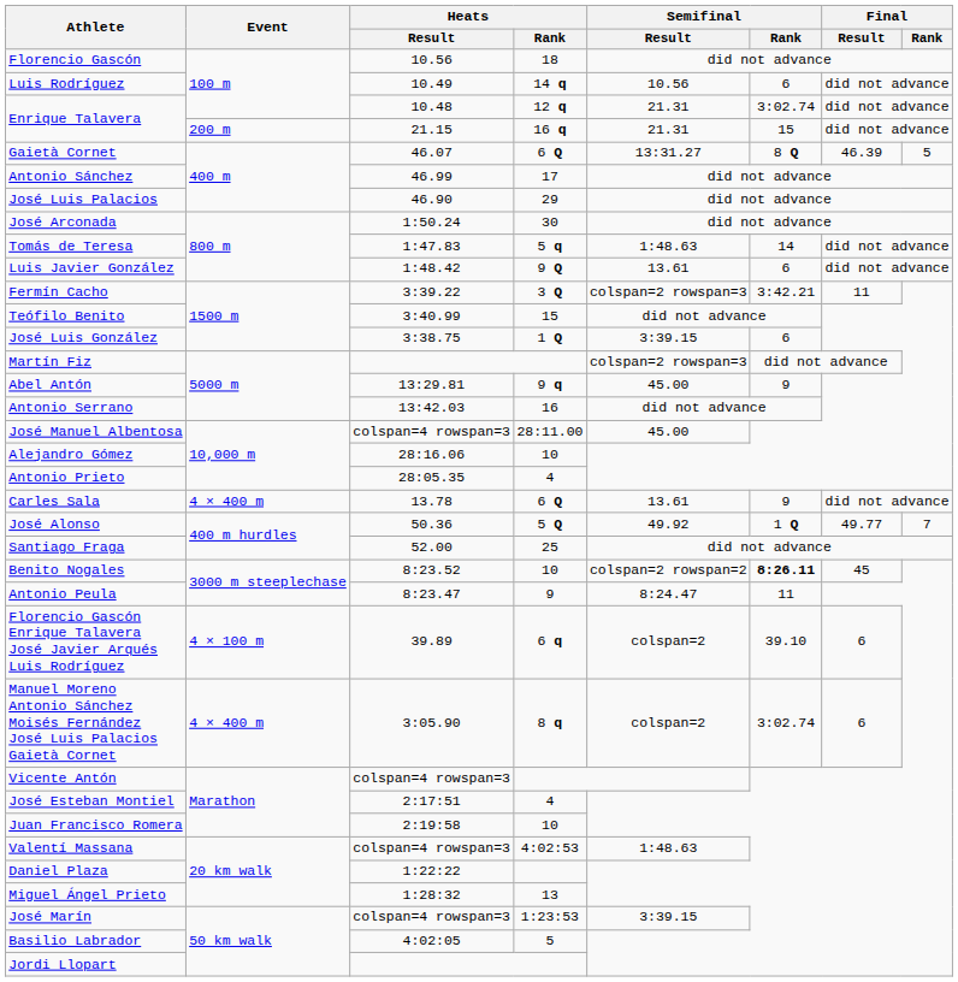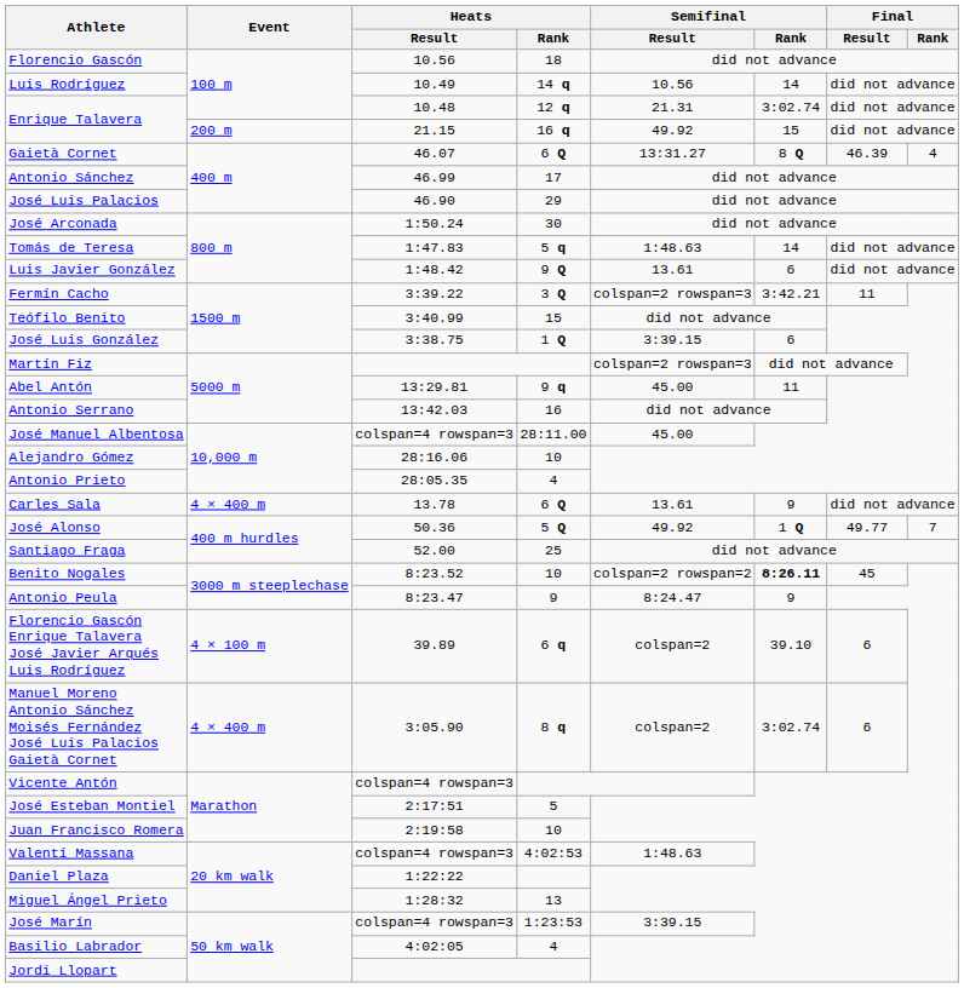 <table class="wikitable" style="font-size:90%">
 <tr>
 <th rowspan="2">Athlete</th>
 <th rowspan="2">Event</th>
 <th colspan="2">Heats</th>
 <th colspan="2">Semifinal</th>
 <th colspan="2">Final</th>
 </tr>
 <tr style="font-size:95%">
 <th>Result</th>
 <th>Rank</th>
 <th>Result</th>
 <th>Rank</th>
 <th>Result</th>
 <th>Rank</th>
 </tr>
 <tr align=center>
 <td align=left><a href='#'>Florencio Gascón</a></td>
 <td align=left rowspan=3><a href='#'>100 m</a></td>
 <td>10.56</td>
 <td>18</td>
 <td colspan=4>did not advance</td>
 </tr>
 <tr align=center>
 <td align=left><a href='#'>Luis Rodríguez</a></td>
 <td>10.49</td>
 <td>14 <strong>q</strong></td>
 <td>10.56</td>
-<td>6</td>
+<td>14</td>
 <td colspan=2>did not advance</td>
 </tr>
 <tr align=center>
 <td align=left rowspan=2><a href='#'>Enrique Talavera</a></td>
 <td>10.48</td>
 <td>12 <strong>q</strong></td>
 <td>21.31</td>
 <td>3:02.74</td>
 <td colspan=2>did not advance</td>
 </tr>
 <tr align=center>
 <td align=left><a href='#'>200 m</a></td>
 <td>21.15</td>
 <td>16 <strong>q</strong></td>
-<td>21.31</td>
+<td>49.92</td>
 <td>15</td>
 <td colspan=2>did not advance</td>
 </tr>
 <tr align=center>
 <td align=left><a href='#'>Gaietà Cornet</a></td>
 <td align=left rowspan=3><a href='#'>400 m</a></td>
 <td>46.07</td>
 <td>6 <strong>Q</strong></td>
 <td>13:31.27</td>
 <td>8 <strong>Q</strong></td>
 <td>46.39</td>
-<td>5</td>
+<td>4</td>
 </tr>
 <tr align=center>
 <td align=left><a href='#'>Antonio Sánchez</a></td>
 <td>46.99</td>
 <td>17</td>
 <td colspan=4>did not advance</td>
 </tr>
 <tr align=center>
 <td align=left><a href='#'>José Luis Palacios</a></td>
 <td>46.90</td>
 <td>29</td>
 <td colspan=4>did not advance</td>
 </tr>
 <tr align=center>
 <td align=left><a href='#'>José Arconada</a></td>
 <td align=left rowspan=3><a href='#'>800 m</a></td>
 <td>1:50.24</td>
 <td>30</td>
 <td colspan=4>did not advance</td>
 </tr>
 <tr align=center>
 <td align=left><a href='#'>Tomás de Teresa</a></td>
 <td>1:47.83</td>
 <td>5 <strong>q</strong></td>
 <td>1:48.63</td>
 <td>14</td>
 <td colspan=2>did not advance</td>
 </tr>
 <tr align=center>
 <td align=left><a href='#'>Luis Javier González</a></td>
 <td>1:48.42</td>
 <td>9 <strong>Q</strong></td>
 <td>13.61</td>
 <td>6</td>
 <td colspan=2>did not advance</td>
 </tr>
 <tr align=center>
 <td align=left><a href='#'>Fermín Cacho</a></td>
 <td align=left rowspan=3><a href='#'>1500 m</a></td>
 <td>3:39.22</td>
 <td>3 <strong>Q</strong></td>
 <td>colspan=2 rowspan=3 </td>
 <td>3:42.21</td>
 <td>11</td>
 </tr>
 <tr align=center>
 <td align=left><a href='#'>Teófilo Benito</a></td>
 <td>3:40.99</td>
 <td>15</td>
 <td colspan=2>did not advance</td>
 </tr>
 <tr align=center>
 <td align=left><a href='#'>José Luis González</a></td>
 <td>3:38.75</td>
 <td>1 <strong>Q</strong></td>
 <td>3:39.15</td>
 <td>6</td>
 </tr>
 <tr align=center>
 <td align=left><a href='#'>Martín Fiz</a></td>
 <td align=left rowspan=3><a href='#'>5000 m</a></td>
 <td colspan=2></td>
 <td>colspan=2 rowspan=3 </td>
 <td colspan=2>did not advance</td>
 </tr>
 <tr align=center>
 <td align=left><a href='#'>Abel Antón</a></td>
 <td>13:29.81</td>
 <td>9 <strong>q</strong></td>
 <td>45.00</td>
-<td>9</td>
+<td>11</td>
 </tr>
 <tr align=center>
 <td align=left><a href='#'>Antonio Serrano</a></td>
 <td>13:42.03</td>
 <td>16</td>
 <td colspan=2>did not advance</td>
 </tr>
 <tr align=center>
 <td align=left><a href='#'>José Manuel Albentosa</a></td>
 <td align=left rowspan=3><a href='#'>10,000 m</a></td>
 <td>colspan=4 rowspan=3 </td>
 <td>28:11.00</td>
 <td>45.00</td>
 </tr>
 <tr align=center>
 <td align=left><a href='#'>Alejandro Gómez</a></td>
 <td>28:16.06</td>
 <td>10</td>
 </tr>
 <tr align=center>
 <td align=left><a href='#'>Antonio Prieto</a></td>
 <td>28:05.35</td>
 <td>4</td>
 </tr>
 <tr align=center>
 <td align=left><a href='#'>Carles Sala</a></td>
 <td align=left><a href='#'>4 × 400 m</a></td>
 <td>13.78</td>
 <td>6 <strong>Q</strong></td>
 <td>13.61</td>
 <td>9</td>
 <td colspan=2>did not advance</td>
 </tr>
 <tr align=center>
 <td align=left><a href='#'>José Alonso</a></td>
 <td align=left rowspan=2><a href='#'>400 m hurdles</a></td>
 <td>50.36</td>
 <td>5 <strong>Q</strong></td>
 <td>49.92</td>
 <td>1 <strong>Q</strong></td>
 <td>49.77</td>
 <td>7</td>
 </tr>
 <tr align=center>
 <td align=left><a href='#'>Santiago Fraga</a></td>
 <td>52.00</td>
 <td>25</td>
 <td colspan=4>did not advance</td>
 </tr>
 <tr align=center>
 <td align=left><a href='#'>Benito Nogales</a></td>
 <td align=left rowspan=2><a href='#'>3000 m steeplechase</a></td>
 <td>8:23.52</td>
 <td>10</td>
 <td>colspan=2 rowspan=2 </td>
 <td><strong>8:26.11</strong></td>
 <td>45</td>
 </tr>
 <tr align=center>
 <td align=left><a href='#'>Antonio Peula</a></td>
 <td>8:23.47</td>
 <td>9</td>
 <td>8:24.47</td>
-<td>11</td>
+<td>9</td>
 </tr>
 <tr align=center>
 <td align=left><a href='#'>Florencio Gascón</a><br><a href='#'>Enrique Talavera</a><br><a href='#'>José Javier Arqués</a><br><a href='#'>Luis Rodríguez</a></td>
 <td align=left><a href='#'>4 × 100 m</a></td>
 <td>39.89</td>
 <td>6 <strong>q</strong></td>
 <td>colspan=2 </td>
 <td>39.10</td>
 <td>6</td>
 </tr>
 <tr align=center>
 <td align=left><a href='#'>Manuel Moreno</a><br><a href='#'>Antonio Sánchez</a><br><a href='#'>Moisés Fernández</a><br><a href='#'>José Luis Palacios</a><br><a href='#'>Gaietà Cornet</a></td>
 <td align=left><a href='#'>4 × 400 m</a></td>
 <td>3:05.90</td>
 <td>8 <strong>q</strong></td>
 <td>colspan=2 </td>
 <td>3:02.74</td>
 <td>6</td>
 </tr>
 <tr align=center>
 <td align=left><a href='#'>Vicente Antón</a></td>
 <td align=left rowspan=3><a href='#'>Marathon</a></td>
 <td>colspan=4 rowspan=3 </td>
 <td colspan=2></td>
 </tr>
 <tr align=center>
 <td align=left><a href='#'>José Esteban Montiel</a></td>
 <td>2:17:51</td>
-<td>4</td>
+<td>5</td>
 </tr>
 <tr align=center>
 <td align=left><a href='#'>Juan Francisco Romera</a></td>
 <td>2:19:58</td>
 <td>10</td>
 </tr>
 <tr align=center>
 <td align=left><a href='#'>Valentí Massana</a></td>
 <td align=left rowspan=3><a href='#'>20 km walk</a></td>
 <td>colspan=4 rowspan=3 </td>
 <td>4:02:53</td>
 <td>1:48.63</td>
 </tr>
 <tr align=center>
 <td align=left><a href='#'>Daniel Plaza</a></td>
 <td>1:22:22</td>
 <td></td>
 </tr>
 <tr align=center>
 <td align=left><a href='#'>Miguel Ángel Prieto</a></td>
 <td>1:28:32</td>
 <td>13</td>
 </tr>
 <tr align=center>
 <td align=left><a href='#'>José Marín</a></td>
 <td align=left rowspan=3><a href='#'>50 km walk</a></td>
 <td>colspan=4 rowspan=3 </td>
 <td>1:23:53</td>
 <td>3:39.15</td>
 </tr>
 <tr align=center>
 <td align=left><a href='#'>Basilio Labrador</a></td>
 <td>4:02:05</td>
-<td>5</td>
+<td>4</td>
 </tr>
 <tr align=center>
 <td align=left><a href='#'>Jordi Llopart</a></td>
 <td colspan=2></td>
 </tr>
 </table>
